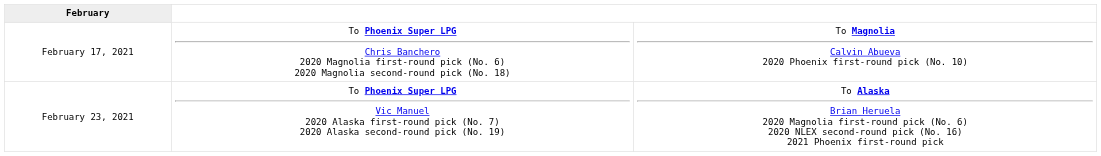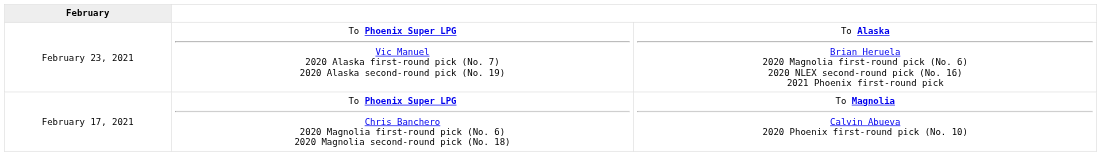 <table border=1 style="border-collapse:collapse; text-align: center; width: 100%" bordercolor="#DFDFDF"  cellpadding="5">
 <tr bgcolor="eeeeee">
 <th>February</th>
+</tr>
+<tr>
+<td style="width:12%">February 23, 2021</td>
+<td style="width:33.3%" valign="top">To <strong><a href='#'>Phoenix Super LPG</a></strong><hr><a href='#'>Vic Manuel</a><br>2020 Alaska first-round pick (No. 7)<br>2020 Alaska second-round pick (No. 19)</td>
+<td style="width:33.3%" valign="top">To <strong><a href='#'>Alaska</a></strong><hr><a href='#'>Brian Heruela</a><br>2020 Magnolia first-round pick (No. 6)<br>2020 NLEX second-round pick (No. 16)<br>2021 Phoenix first-round pick</td>
 </tr>
 <tr>
 <td style="width:12%">February 17, 2021</td>
 <td style="width:33.3%" valign="top">To <strong><a href='#'>Phoenix Super LPG</a></strong><hr><a href='#'>Chris Banchero</a><br>2020 Magnolia first-round pick (No. 6)<br>2020 Magnolia second-round pick (No. 18)</td>
 <td style="width:33.3%" valign="top">To <strong><a href='#'>Magnolia</a></strong><hr><a href='#'>Calvin Abueva</a><br>2020 Phoenix first-round pick (No. 10)</td>
 </tr>
-<tr>
-<td style="width:12%">February 23, 2021</td>
-<td style="width:33.3%" valign="top">To <strong><a href='#'>Phoenix Super LPG</a></strong><hr><a href='#'>Vic Manuel</a><br>2020 Alaska first-round pick (No. 7)<br>2020 Alaska second-round pick (No. 19)</td>
-<td style="width:33.3%" valign="top">To <strong><a href='#'>Alaska</a></strong><hr><a href='#'>Brian Heruela</a><br>2020 Magnolia first-round pick (No. 6)<br>2020 NLEX second-round pick (No. 16)<br>2021 Phoenix first-round pick</td>
-</tr>
 </table>
